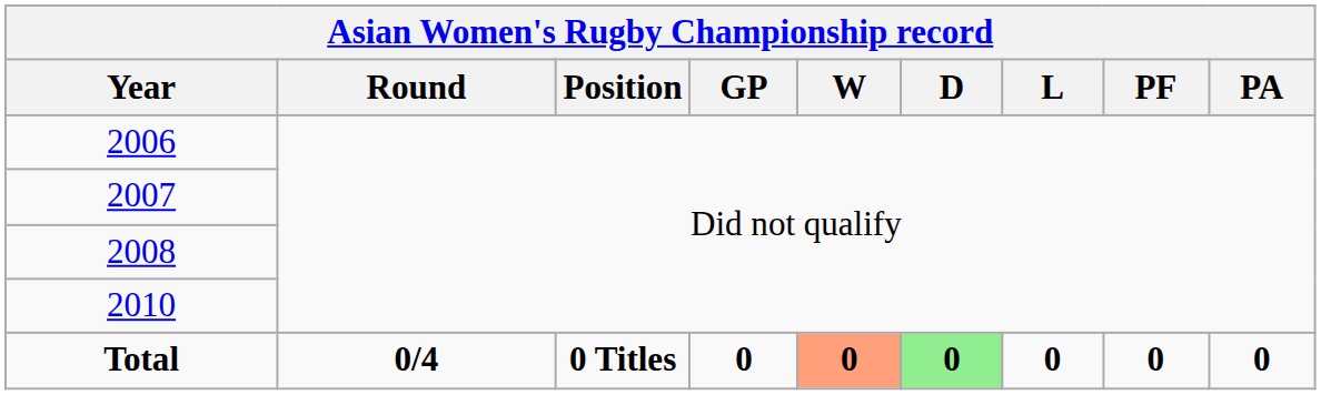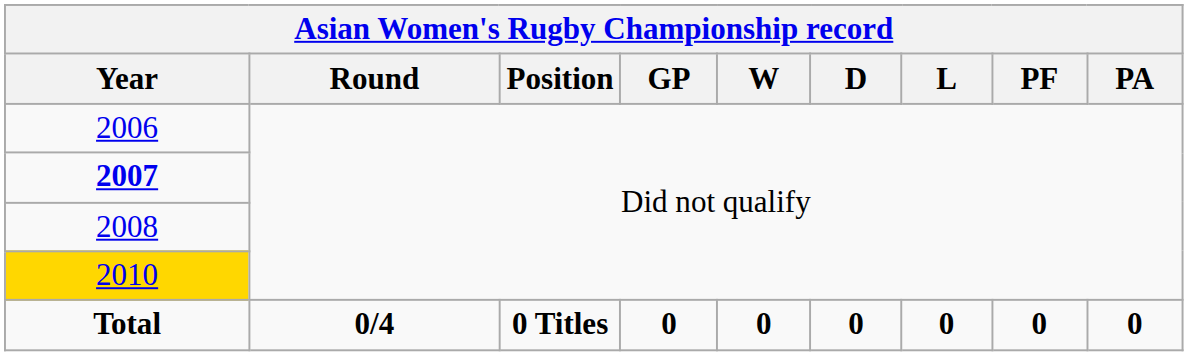 <table class="wikitable" style="text-align: center;">
 <tr>
 <th colspan=9><a href='#'>Asian Women's Rugby Championship record</a></th>
 </tr>
 <tr>
 <th width=150>Year</th>
 <th width=150>Round</th>
 <th width=50>Position</th>
 <th width=50>GP</th>
 <th width=50>W</th>
 <th width=50>D</th>
 <th width=50>L</th>
 <th width=50>PF</th>
 <th width=50>PA</th>
 </tr>
 <tr>
 <td> <a href='#'>2006</a></td>
 <td colspan=12  rowspan=4>Did not qualify</td>
 </tr>
 <tr>
-<td> <a href='#'>2007</a></td>
+<td><strong> <a href='#'>2007</a></strong></td>
 </tr>
 <tr>
 <td> <a href='#'>2008</a></td>
 </tr>
 <tr>
-<td> <a href='#'>2010</a></td>
+<td style="background: gold;"> <a href='#'>2010</a></td>
 </tr>
 <tr>
 <td><strong>Total</strong></td>
 <td><strong>0/4</strong></td>
 <td><strong>0 Titles</strong></td>
 <td><strong>0</strong></td>
-<td style="background: lightsalmon;"><strong>0</strong></td>
-<td style="background: lightgreen;"><strong>0</strong></td>
+<td><strong>0</strong></td>
+<td><strong>0</strong></td>
 <td><strong>0</strong></td>
 <td><strong>0</strong></td>
 <td><strong>0</strong></td>
 </tr>
 </table>
